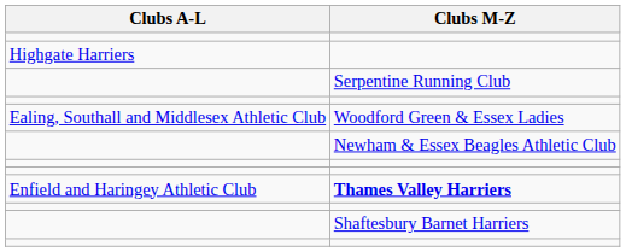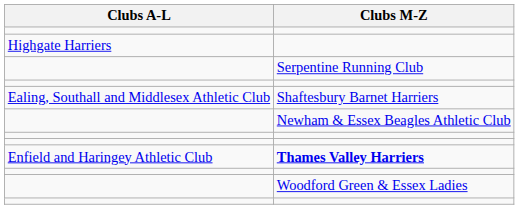 <table class="wikitable">
 <tr>
 <th>Clubs A-L</th>
 <th>Clubs M-Z</th>
 </tr>
 <tr>
 <td></td>
 <td></td>
 </tr>
 <tr>
 <td><a href='#'>Highgate Harriers</a></td>
 <td></td>
 </tr>
 <tr>
 <td></td>
 <td><a href='#'>Serpentine Running Club</a></td>
 </tr>
 <tr>
 <td></td>
 <td></td>
 </tr>
 <tr>
 <td><a href='#'>Ealing, Southall and Middlesex Athletic Club</a></td>
-<td><a href='#'>Woodford Green & Essex Ladies</a></td>
+<td><a href='#'>Shaftesbury Barnet Harriers</a></td>
 </tr>
 <tr>
 <td></td>
 <td><a href='#'>Newham & Essex Beagles Athletic Club</a></td>
 </tr>
 <tr>
 <td></td>
 <td></td>
 </tr>
 <tr>
 <td></td>
 <td></td>
 </tr>
 <tr>
 <td><a href='#'>Enfield and Haringey Athletic Club</a></td>
 <td><strong><a href='#'>Thames Valley Harriers</a></strong></td>
 </tr>
 <tr>
 <td></td>
 <td></td>
 </tr>
 <tr>
 <td></td>
-<td><a href='#'>Shaftesbury Barnet Harriers</a></td>
+<td><a href='#'>Woodford Green & Essex Ladies</a></td>
 </tr>
 <tr>
 <td></td>
 <td></td>
 </tr>
 </table>
